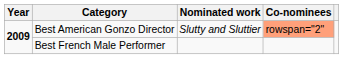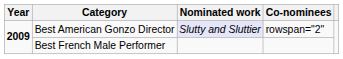 <table class="wikitable">
 <tr>
 <th>Year</th>
 <th>Category</th>
 <th>Nominated work</th>
 <th>Co-nominees</th>
 <th></th>
 </tr>
 <tr>
 <td rowspan="2"><strong>2009</strong></td>
 <td>Best American Gonzo Director</td>
-<td><em>Slutty and Sluttier</em></td>
-<td style="background: lightsalmon;">rowspan="2" </td>
+<td style="background: lavender;"><em>Slutty and Sluttier</em></td>
+<td>rowspan="2" </td>
 <td rowspan="2"></td>
 </tr>
 <tr>
 <td>Best French Male Performer</td>
 <td></td>
 </tr>
 </table>
